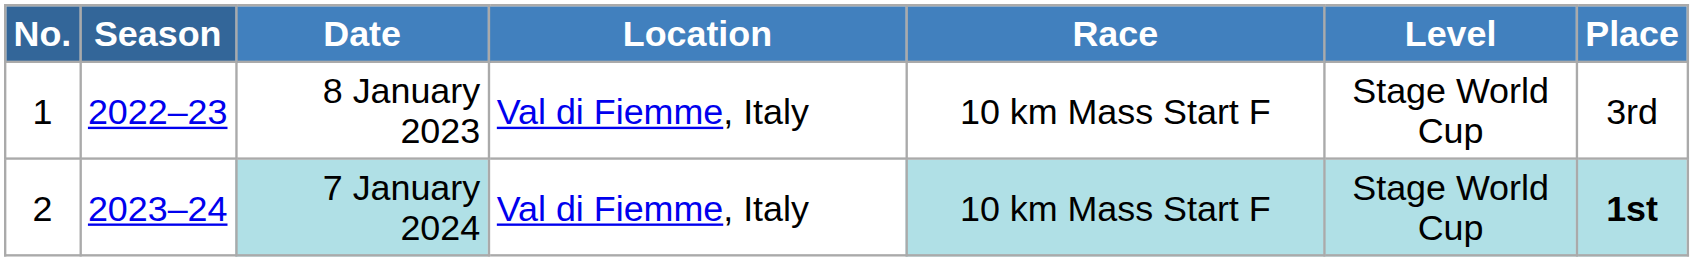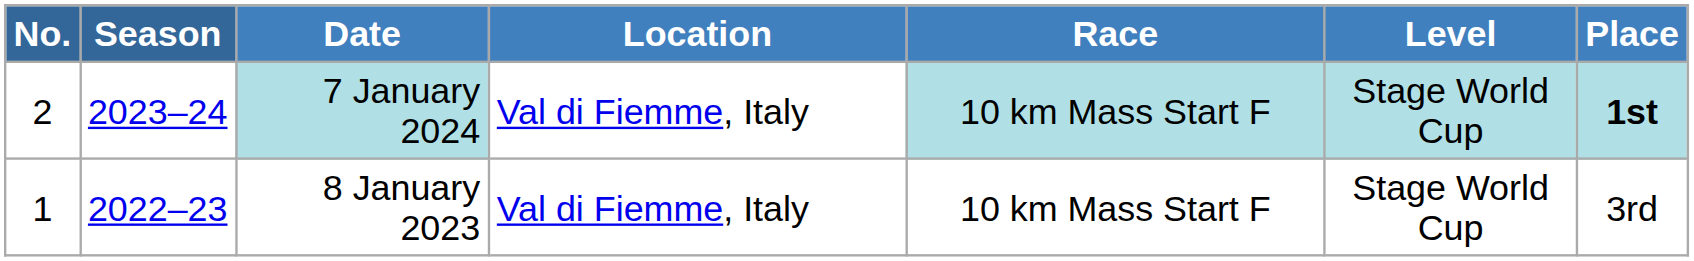 <table class="wikitable sortable" style="font-size:95%; text-align:center; border:grey solid 1px; border-collapse:collapse; background:#ffffff;">
 <tr style="background:#efefef;">
 <th style="background-color:#369; color:white;">No.</th>
 <th style="background-color:#369; color:white;">Season</th>
 <th style="background-color:#4180be; color:white; width:100px;">Date</th>
 <th style="background-color:#4180be; color:white; width:170px;">Location</th>
 <th style="background-color:#4180be; color:white; width:170px;">Race</th>
 <th style="background-color:#4180be; color:white; width:100px;">Level</th>
 <th style="background-color:#4180be; color:white;">Place</th>
 </tr>
 <tr>
+<td align=center>2</td>
+<td rowspan=1 align=center><a href='#'>2023–24</a></td>
+<td align=right  bgcolor="#BOEOE6">7 January 2024</td>
+<td align=left> <a href='#'>Val di Fiemme</a>, Italy</td>
+<td bgcolor="#BOEOE6">10 km Mass Start F</td>
+<td bgcolor="#BOEOE6">Stage World Cup</td>
+<td bgcolor="#BOEOE6"><strong>1st</strong></td>
+</tr>
+<tr>
 <td align=center>1</td>
 <td rowspan=1 align=center><a href='#'>2022–23</a></td>
 <td align=right>8 January 2023</td>
 <td align=left> <a href='#'>Val di Fiemme</a>, Italy</td>
 <td>10 km Mass Start F</td>
 <td>Stage World Cup</td>
 <td>3rd</td>
 </tr>
-<tr>
-<td align=center>2</td>
-<td rowspan=1 align=center><a href='#'>2023–24</a></td>
-<td align=right  bgcolor="#BOEOE6">7 January 2024</td>
-<td align=left> <a href='#'>Val di Fiemme</a>, Italy</td>
-<td bgcolor="#BOEOE6">10 km Mass Start F</td>
-<td bgcolor="#BOEOE6">Stage World Cup</td>
-<td bgcolor="#BOEOE6"><strong>1st</strong></td>
-</tr>
 </table>
